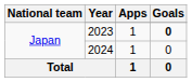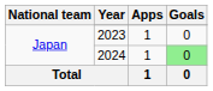 <table class="wikitable" style="text-align:center">
 <tr>
 <th>National team</th>
 <th>Year</th>
 <th>Apps</th>
 <th>Goals</th>
 </tr>
 <tr>
 <td rowspan=3><a href='#'>Japan</a></td>
 </tr>
 <tr>
 <td>2023</td>
 <td>1</td>
-<td><strong>0</strong></td>
+<td>0</td>
 </tr>
 <tr>
 <td>2024</td>
 <td>1</td>
-<td>0</td>
+<td style="background: lightgreen;">0</td>
 </tr>
 <tr>
 <th colspan="2">Total</th>
 <th>1</th>
 <th>0</th>
 </tr>
 </table>
